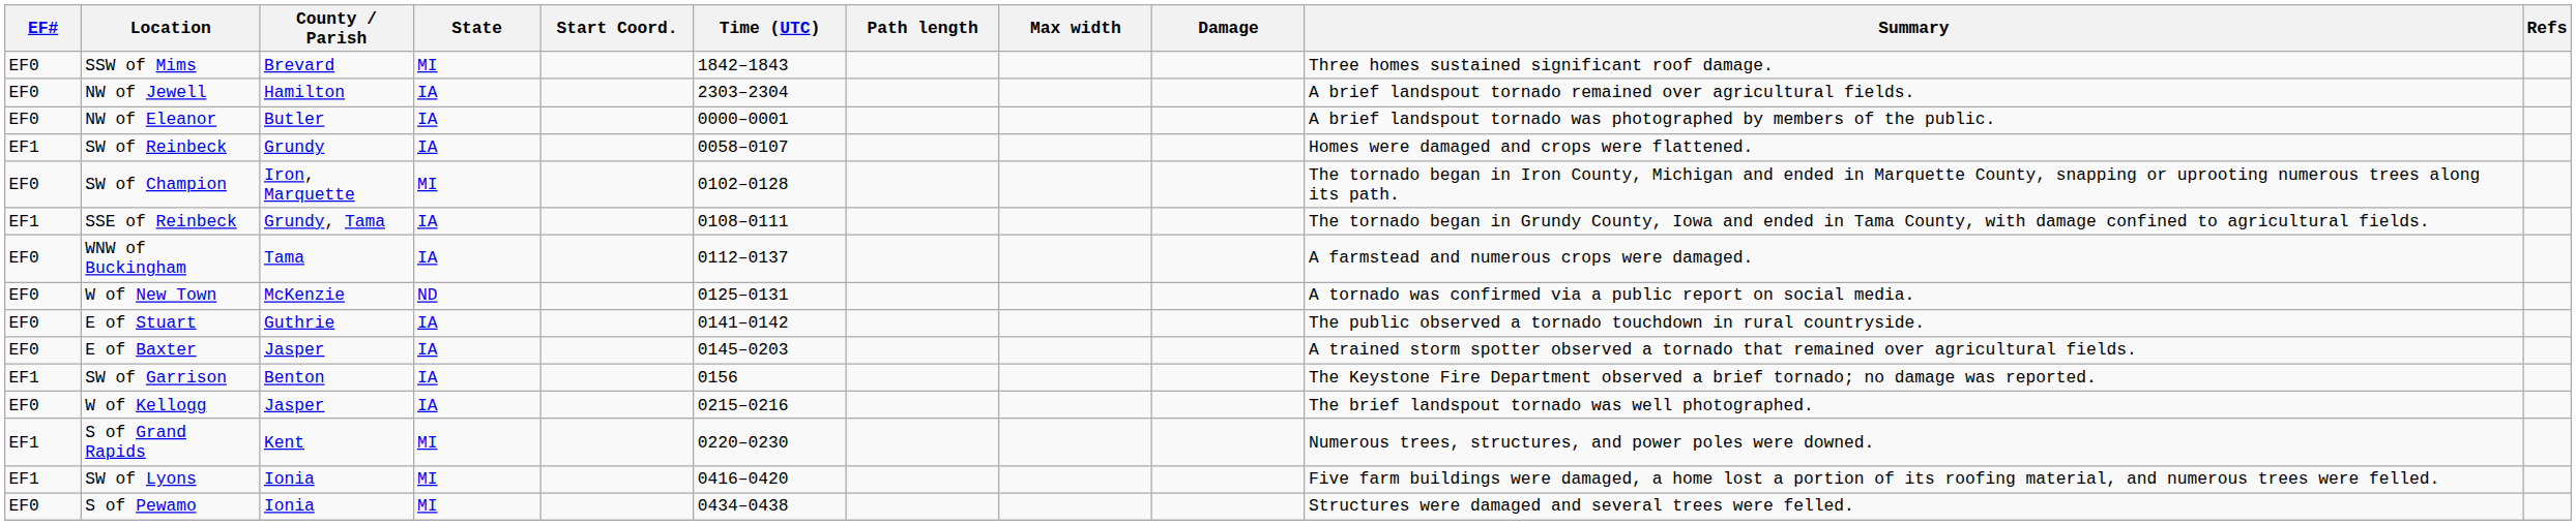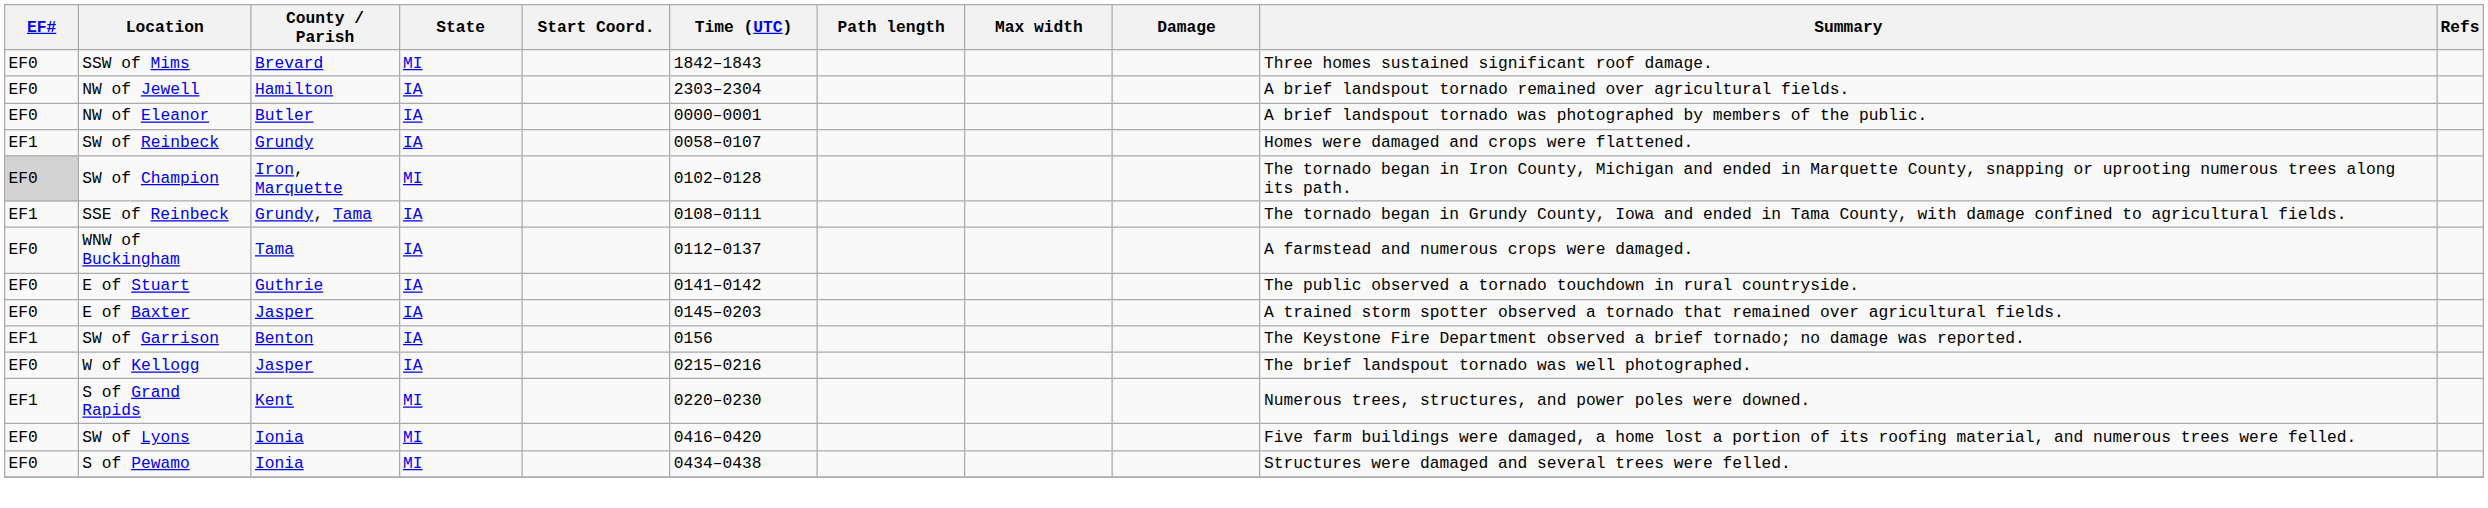 <table class="wikitable sortable" style="width:100%;">
 <tr>
 <th scope="col" width="3%" align="center"><a href='#'>EF#</a></th>
 <th scope="col" width="7%" align="center" class="unsortable">Location</th>
 <th scope="col" width="6%" align="center" class="unsortable">County / Parish</th>
 <th scope="col" width="5%" align="center">State</th>
 <th scope="col" width="6%" align="center">Start Coord.</th>
 <th scope="col" width="6%" align="center">Time (<a href='#'>UTC</a>)</th>
 <th scope="col" width="6%" align="center">Path length</th>
 <th scope="col" width="6%" align="center">Max width</th>
 <th scope="col" width="6%" align="center">Damage</th>
 <th scope="col" width="48%" class="unsortable" align="center">Summary</th>
 <th scope="col" width="48%" class="unsortable" align="center">Refs</th>
 </tr>
 <tr>
 <td>EF0</td>
 <td>SSW of <a href='#'>Mims</a></td>
 <td><a href='#'>Brevard</a></td>
 <td><a href='#'>MI</a></td>
 <td></td>
 <td>1842–1843</td>
 <td></td>
 <td></td>
 <td></td>
 <td>Three homes sustained significant roof damage.</td>
 <td></td>
 </tr>
 <tr>
 <td>EF0</td>
 <td>NW of <a href='#'>Jewell</a></td>
 <td><a href='#'>Hamilton</a></td>
 <td><a href='#'>IA</a></td>
 <td></td>
 <td>2303–2304</td>
 <td></td>
 <td></td>
 <td></td>
 <td>A brief landspout tornado remained over agricultural fields.</td>
 <td></td>
 </tr>
 <tr>
 <td>EF0</td>
 <td>NW of <a href='#'>Eleanor</a></td>
 <td><a href='#'>Butler</a></td>
 <td><a href='#'>IA</a></td>
 <td></td>
 <td>0000–0001</td>
 <td></td>
 <td></td>
 <td></td>
 <td>A brief landspout tornado was photographed by members of the public.</td>
 <td></td>
 </tr>
 <tr>
 <td>EF1</td>
 <td>SW of <a href='#'>Reinbeck</a></td>
 <td><a href='#'>Grundy</a></td>
 <td><a href='#'>IA</a></td>
 <td></td>
 <td>0058–0107</td>
 <td></td>
 <td></td>
 <td></td>
 <td>Homes were damaged and crops were flattened.</td>
 <td></td>
 </tr>
 <tr>
-<td>EF0</td>
+<td style="background: lightgrey;">EF0</td>
 <td>SW of <a href='#'>Champion</a></td>
 <td><a href='#'>Iron</a>, <a href='#'>Marquette</a></td>
 <td><a href='#'>MI</a></td>
 <td></td>
 <td>0102–0128</td>
 <td></td>
 <td></td>
 <td></td>
 <td>The tornado began in Iron County, Michigan and ended in Marquette County, snapping or uprooting numerous trees along its path.</td>
 <td></td>
 </tr>
 <tr>
 <td>EF1</td>
 <td>SSE of <a href='#'>Reinbeck</a></td>
 <td><a href='#'>Grundy</a>, <a href='#'>Tama</a></td>
 <td><a href='#'>IA</a></td>
 <td></td>
 <td>0108–0111</td>
 <td></td>
 <td></td>
 <td></td>
 <td>The tornado began in Grundy County, Iowa and ended in Tama County, with damage confined to agricultural fields.</td>
 <td></td>
 </tr>
 <tr>
 <td>EF0</td>
 <td>WNW of <a href='#'>Buckingham</a></td>
 <td><a href='#'>Tama</a></td>
 <td><a href='#'>IA</a></td>
 <td></td>
 <td>0112–0137</td>
 <td></td>
 <td></td>
 <td></td>
 <td>A farmstead and numerous crops were damaged.</td>
-<td></td>
-</tr>
-<tr>
-<td>EF0</td>
-<td>W of <a href='#'>New Town</a></td>
-<td><a href='#'>McKenzie</a></td>
-<td><a href='#'>ND</a></td>
-<td></td>
-<td>0125–0131</td>
-<td></td>
-<td></td>
-<td></td>
-<td>A tornado was confirmed via a public report on social media.</td>
 <td></td>
 </tr>
 <tr>
 <td>EF0</td>
 <td>E of <a href='#'>Stuart</a></td>
 <td><a href='#'>Guthrie</a></td>
 <td><a href='#'>IA</a></td>
 <td></td>
 <td>0141–0142</td>
 <td></td>
 <td></td>
 <td></td>
 <td>The public observed a tornado touchdown in rural countryside.</td>
 <td></td>
 </tr>
 <tr>
 <td>EF0</td>
 <td>E of <a href='#'>Baxter</a></td>
 <td><a href='#'>Jasper</a></td>
 <td><a href='#'>IA</a></td>
 <td></td>
 <td>0145–0203</td>
 <td></td>
 <td></td>
 <td></td>
 <td>A trained storm spotter observed a tornado that remained over agricultural fields.</td>
 <td></td>
 </tr>
 <tr>
 <td>EF1</td>
 <td>SW of <a href='#'>Garrison</a></td>
 <td><a href='#'>Benton</a></td>
 <td><a href='#'>IA</a></td>
 <td></td>
 <td>0156</td>
 <td></td>
 <td></td>
 <td></td>
 <td>The Keystone Fire Department observed a brief tornado; no damage was reported.</td>
 <td></td>
 </tr>
 <tr>
 <td>EF0</td>
 <td>W of <a href='#'>Kellogg</a></td>
 <td><a href='#'>Jasper</a></td>
 <td><a href='#'>IA</a></td>
 <td></td>
 <td>0215–0216</td>
 <td></td>
 <td></td>
 <td></td>
 <td>The brief landspout tornado was well photographed.</td>
 <td></td>
 </tr>
 <tr>
 <td>EF1</td>
 <td>S of <a href='#'>Grand Rapids</a></td>
 <td><a href='#'>Kent</a></td>
 <td><a href='#'>MI</a></td>
 <td></td>
 <td>0220–0230</td>
 <td></td>
 <td></td>
 <td></td>
 <td>Numerous trees, structures, and power poles were downed.</td>
 <td></td>
 </tr>
 <tr>
-<td>EF1</td>
+<td>EF0</td>
 <td>SW of <a href='#'>Lyons</a></td>
 <td><a href='#'>Ionia</a></td>
 <td><a href='#'>MI</a></td>
 <td></td>
 <td>0416–0420</td>
 <td></td>
 <td></td>
 <td></td>
 <td>Five farm buildings were damaged, a home lost a portion of its roofing material, and numerous trees were felled.</td>
 <td></td>
 </tr>
 <tr>
 <td>EF0</td>
 <td>S of <a href='#'>Pewamo</a></td>
 <td><a href='#'>Ionia</a></td>
 <td><a href='#'>MI</a></td>
 <td></td>
 <td>0434–0438</td>
 <td></td>
 <td></td>
 <td></td>
 <td>Structures were damaged and several trees were felled.</td>
 <td></td>
 </tr>
 <tr>
 </tr>
 </table>
